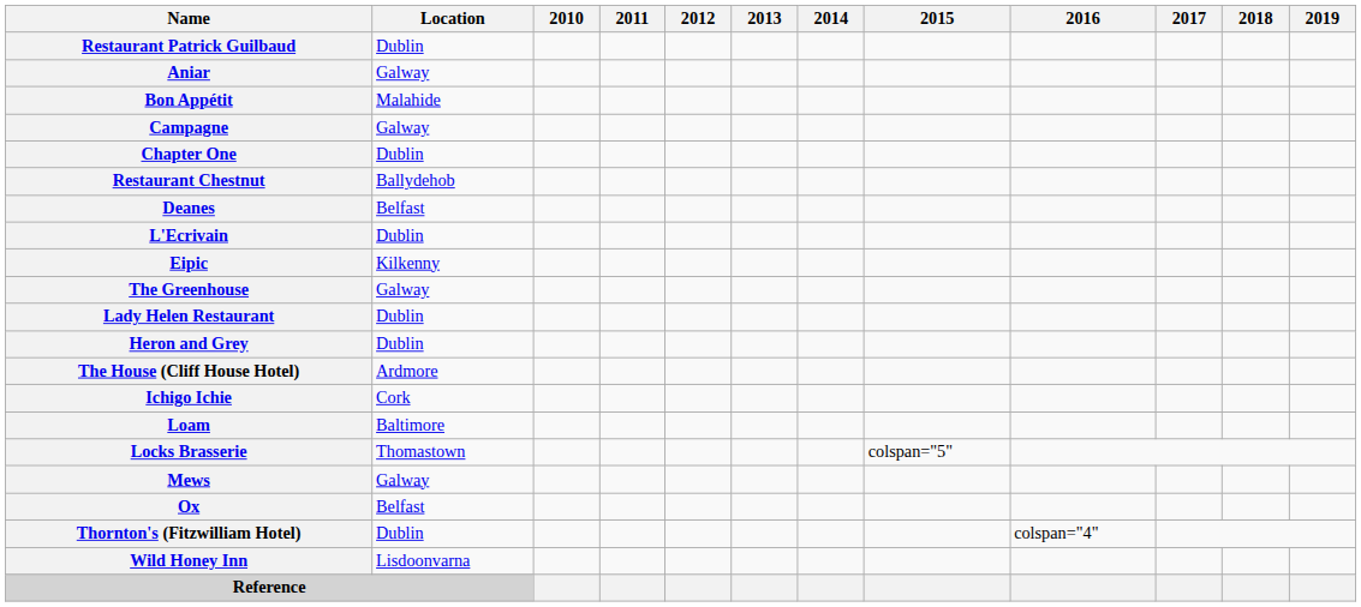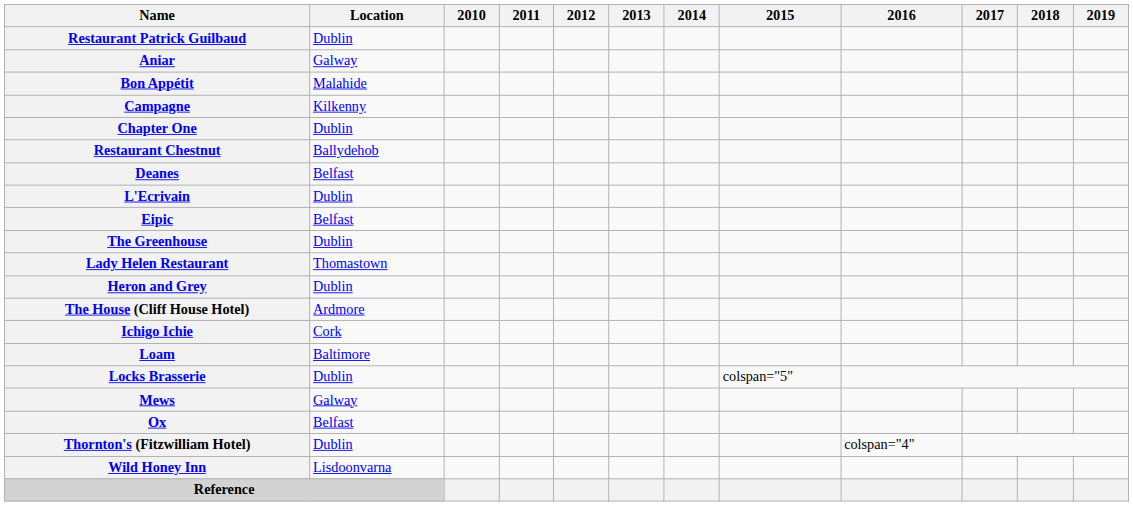 <table class="wikitable sortable plainrowheaders" style="width:100%;">
 <tr>
 <th scope="col">Name</th>
 <th scope="col">Location</th>
 <th scope="col">2010</th>
 <th scope="col">2011</th>
 <th scope="col">2012</th>
 <th scope="col">2013</th>
 <th scope="col">2014</th>
 <th scope="col">2015</th>
 <th scope="col">2016</th>
 <th scope="col">2017</th>
 <th scope="col">2018</th>
 <th scope="col">2019</th>
 </tr>
 <tr>
 <th scope="row"><a href='#'>Restaurant Patrick Guilbaud</a></th>
 <td><a href='#'>Dublin</a></td>
 <td></td>
 <td></td>
 <td></td>
 <td></td>
 <td></td>
 <td></td>
 <td></td>
 <td></td>
 <td></td>
 <td></td>
 </tr>
 <tr>
 <th scope="row"><a href='#'>Aniar</a></th>
 <td><a href='#'>Galway</a></td>
 <td></td>
 <td></td>
 <td></td>
 <td></td>
 <td></td>
 <td></td>
 <td></td>
 <td></td>
 <td></td>
 <td></td>
 </tr>
 <tr>
 <th scope="row"><a href='#'>Bon Appétit</a></th>
 <td><a href='#'>Malahide</a></td>
 <td></td>
 <td></td>
 <td></td>
 <td></td>
 <td></td>
 <td></td>
 <td></td>
 <td></td>
 <td></td>
 <td></td>
 </tr>
 <tr>
 <th scope="row"><a href='#'>Campagne</a></th>
-<td><a href='#'>Galway</a></td>
+<td><a href='#'>Kilkenny</a></td>
 <td></td>
 <td></td>
 <td></td>
 <td></td>
 <td></td>
 <td></td>
 <td></td>
 <td></td>
 <td></td>
 <td></td>
 </tr>
 <tr>
 <th scope="row"><a href='#'>Chapter One</a></th>
 <td><a href='#'>Dublin</a></td>
 <td></td>
 <td></td>
 <td></td>
 <td></td>
 <td></td>
 <td></td>
 <td></td>
 <td></td>
 <td></td>
 <td></td>
 </tr>
 <tr>
 <th scope="row"><a href='#'>Restaurant Chestnut</a></th>
 <td><a href='#'>Ballydehob</a></td>
 <td></td>
 <td></td>
 <td></td>
 <td></td>
 <td></td>
 <td></td>
 <td></td>
 <td></td>
 <td></td>
 <td></td>
 </tr>
 <tr>
 <th scope="row"><a href='#'>Deanes</a></th>
 <td><a href='#'>Belfast</a></td>
 <td></td>
 <td></td>
 <td></td>
 <td></td>
 <td></td>
 <td></td>
 <td></td>
 <td></td>
 <td></td>
 <td></td>
 </tr>
 <tr>
 <th scope="row"><a href='#'>L'Ecrivain</a></th>
 <td><a href='#'>Dublin</a></td>
 <td></td>
 <td></td>
 <td></td>
 <td></td>
 <td></td>
 <td></td>
 <td></td>
 <td></td>
 <td></td>
 <td></td>
 </tr>
 <tr>
 <th scope="row"><a href='#'>Eipic</a></th>
-<td><a href='#'>Kilkenny</a></td>
+<td><a href='#'>Belfast</a></td>
 <td></td>
 <td></td>
 <td></td>
 <td></td>
 <td></td>
 <td></td>
 <td></td>
 <td></td>
 <td></td>
 <td></td>
 </tr>
 <tr>
 <th scope="row"><a href='#'>The Greenhouse</a></th>
-<td><a href='#'>Galway</a></td>
+<td><a href='#'>Dublin</a></td>
 <td></td>
 <td></td>
 <td></td>
 <td></td>
 <td></td>
 <td></td>
 <td></td>
 <td></td>
 <td></td>
 <td></td>
 </tr>
 <tr>
 <th scope="row"><a href='#'>Lady Helen Restaurant</a></th>
-<td><a href='#'>Dublin</a></td>
+<td><a href='#'>Thomastown</a></td>
 <td></td>
 <td></td>
 <td></td>
 <td></td>
 <td></td>
 <td></td>
 <td></td>
 <td></td>
 <td></td>
 <td></td>
 </tr>
 <tr>
 <th scope="row"><a href='#'>Heron and Grey</a></th>
 <td><a href='#'>Dublin</a></td>
 <td></td>
 <td></td>
 <td></td>
 <td></td>
 <td></td>
 <td></td>
 <td></td>
 <td></td>
 <td></td>
 <td></td>
 </tr>
 <tr>
 <th scope="row"><a href='#'>The House</a> (Cliff House Hotel)</th>
 <td><a href='#'>Ardmore</a></td>
 <td></td>
 <td></td>
 <td></td>
 <td></td>
 <td></td>
 <td></td>
 <td></td>
 <td></td>
 <td></td>
 <td></td>
 </tr>
 <tr>
 <th scope="row"><a href='#'>Ichigo Ichie</a></th>
 <td><a href='#'>Cork</a></td>
 <td></td>
 <td></td>
 <td></td>
 <td></td>
 <td></td>
 <td></td>
 <td></td>
 <td></td>
 <td></td>
 <td></td>
 </tr>
 <tr>
 <th scope="row"><a href='#'>Loam</a></th>
 <td><a href='#'>Baltimore</a></td>
 <td></td>
 <td></td>
 <td></td>
 <td></td>
 <td></td>
 <td></td>
 <td></td>
 <td></td>
 <td></td>
 <td></td>
 </tr>
 <tr>
 <th scope="row"><a href='#'>Locks Brasserie</a></th>
-<td><a href='#'>Thomastown</a></td>
+<td><a href='#'>Dublin</a></td>
 <td></td>
 <td></td>
 <td></td>
 <td></td>
 <td></td>
 <td>colspan="5" </td>
 </tr>
 <tr>
 <th scope="row"><a href='#'>Mews</a></th>
 <td><a href='#'>Galway</a></td>
 <td></td>
 <td></td>
 <td></td>
 <td></td>
 <td></td>
 <td></td>
 <td></td>
 <td></td>
 <td></td>
 <td></td>
 </tr>
 <tr>
 <th scope="row"><a href='#'>Ox</a></th>
 <td><a href='#'>Belfast</a></td>
 <td></td>
 <td></td>
 <td></td>
 <td></td>
 <td></td>
 <td></td>
 <td></td>
 <td></td>
 <td></td>
 <td></td>
 </tr>
 <tr>
 <th scope="row"><a href='#'>Thornton's</a> (Fitzwilliam Hotel)</th>
 <td><a href='#'>Dublin</a></td>
 <td></td>
 <td></td>
 <td></td>
 <td></td>
 <td></td>
 <td></td>
 <td>colspan="4" </td>
 </tr>
 <tr>
 <th scope="row"><a href='#'>Wild Honey Inn</a></th>
 <td><a href='#'>Lisdoonvarna</a></td>
 <td></td>
 <td></td>
 <td></td>
 <td></td>
 <td></td>
 <td></td>
 <td></td>
 <td></td>
 <td></td>
 <td></td>
 </tr>
 <tr>
 <th colspan="2" style="text-align: center;background: lightgray;">Reference</th>
 <th></th>
 <th></th>
 <th></th>
 <th></th>
 <th></th>
 <th></th>
 <th></th>
 <th></th>
 <th></th>
 <th></th>
 </tr>
 </table>
